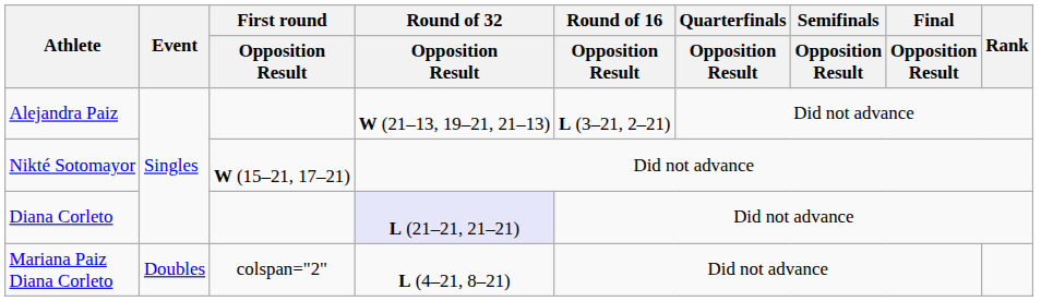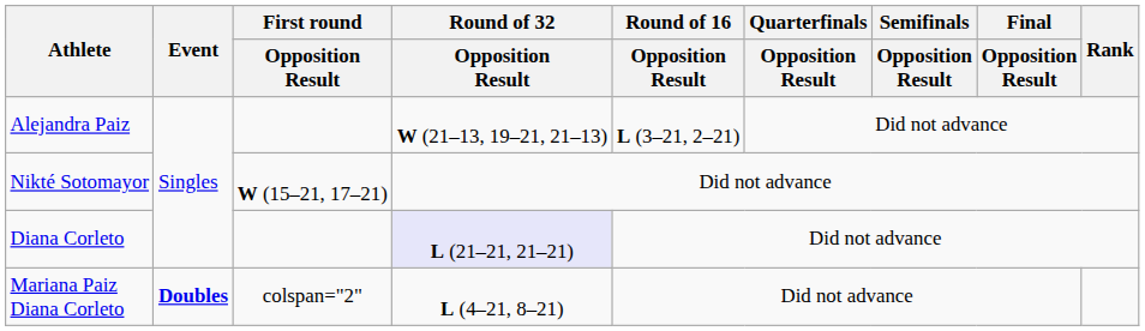 <table class="wikitable" style="font-size:90%">
 <tr>
 <th rowspan="2">Athlete</th>
 <th rowspan="2">Event</th>
 <th>First round</th>
 <th>Round of 32</th>
 <th>Round of 16</th>
 <th>Quarterfinals</th>
 <th>Semifinals</th>
 <th>Final</th>
 <th rowspan="2">Rank</th>
 </tr>
 <tr>
 <th>Opposition<br>Result</th>
 <th>Opposition<br>Result</th>
 <th>Opposition<br>Result</th>
 <th>Opposition<br>Result</th>
 <th>Opposition<br>Result</th>
 <th>Opposition<br>Result</th>
 </tr>
 <tr align=center>
 <td align=left><a href='#'>Alejandra Paiz</a></td>
 <td align=left rowspan="3"><a href='#'>Singles</a></td>
 <td></td>
 <td><br><strong>W</strong> (21–13, 19–21, 21–13)</td>
 <td><br><strong>L</strong> (3–21, 2–21)</td>
 <td colspan="4">Did not advance</td>
 </tr>
 <tr align=center>
 <td align=left><a href='#'>Nikté Sotomayor</a></td>
 <td><br><strong>W</strong> (15–21, 17–21)</td>
 <td colspan="6">Did not advance</td>
 </tr>
 <tr align=center>
 <td align=left><a href='#'>Diana Corleto</a></td>
 <td></td>
 <td style="background: lavender;"><br><strong>L</strong> (21–21, 21–21)</td>
 <td colspan="5">Did not advance</td>
 </tr>
 <tr align=center>
 <td align=left><a href='#'>Mariana Paiz</a><br><a href='#'>Diana Corleto</a></td>
-<td align=left><a href='#'>Doubles</a></td>
+<td align=left><strong><a href='#'>Doubles</a></strong></td>
 <td>colspan="2" </td>
 <td><br><strong>L</strong> (4–21, 8–21)</td>
 <td colspan="4">Did not advance</td>
 </tr>
 </table>
